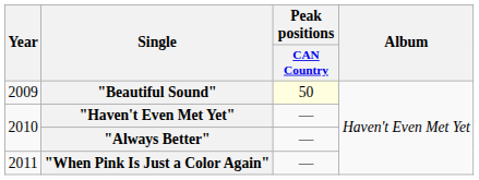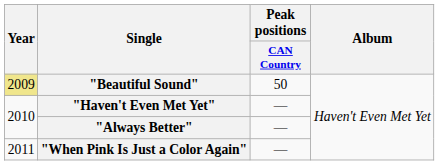 <table class="wikitable plainrowheaders" style="text-align:center;">
 <tr>
 <th rowspan="2">Year</th>
 <th rowspan="2">Single</th>
 <th>Peak positions</th>
 <th rowspan="2">Album</th>
 </tr>
 <tr style="font-size:smaller;">
 <th width="65"><a href='#'>CAN Country</a><br></th>
 </tr>
 <tr>
-<td>2009</td>
+<td style="background: khaki;">2009</td>
 <th scope="row">"Beautiful Sound"</th>
-<td style="background: lightyellow;">50</td>
+<td>50</td>
 <td rowspan="4"><em>Haven't Even Met Yet</em></td>
 </tr>
 <tr>
 <td rowspan="2">2010</td>
 <th scope="row">"Haven't Even Met Yet"</th>
 <td>—</td>
 </tr>
 <tr>
 <th scope="row">"Always Better"</th>
 <td>—</td>
 </tr>
 <tr>
 <td>2011</td>
 <th scope="row">"When Pink Is Just a Color Again"</th>
 <td>—</td>
 </tr>
 </table>
